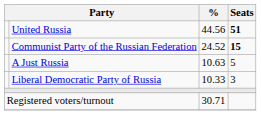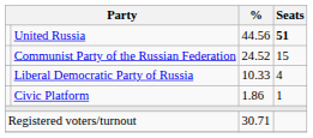 <table class="wikitable">
 <tr>
 <th colspan=2>Party</th>
 <th>%</th>
 <th>Seats</th>
 </tr>
 <tr>
 <td style="background:"></td>
 <td><a href='#'>United Russia</a></td>
 <td>44.56</td>
 <td><strong>51</strong></td>
 </tr>
 <tr>
 <td style="background:"></td>
 <td><a href='#'>Communist Party of the Russian Federation</a></td>
 <td>24.52</td>
-<td><strong>15</strong></td>
-</tr>
-<tr>
-<td style="background:"></td>
-<td><a href='#'>A Just Russia</a></td>
-<td>10.63</td>
-<td>5</td>
+<td>15</td>
 </tr>
 <tr>
 <td style="background:"></td>
 <td><a href='#'>Liberal Democratic Party of Russia</a></td>
 <td>10.33</td>
-<td>3</td>
+<td>4</td>
+</tr>
+<tr>
+<td style="background:"></td>
+<td><a href='#'>Civic Platform</a></td>
+<td>1.86</td>
+<td>1</td>
 </tr>
 <tr>
 <td colspan=4 style="background:#E9E9E9;"></td>
 </tr>
 <tr>
 <td align=left colspan=2>Registered voters/turnout</td>
 <td>30.71</td>
 <td></td>
 </tr>
 <tr>
 </tr>
 </table>
